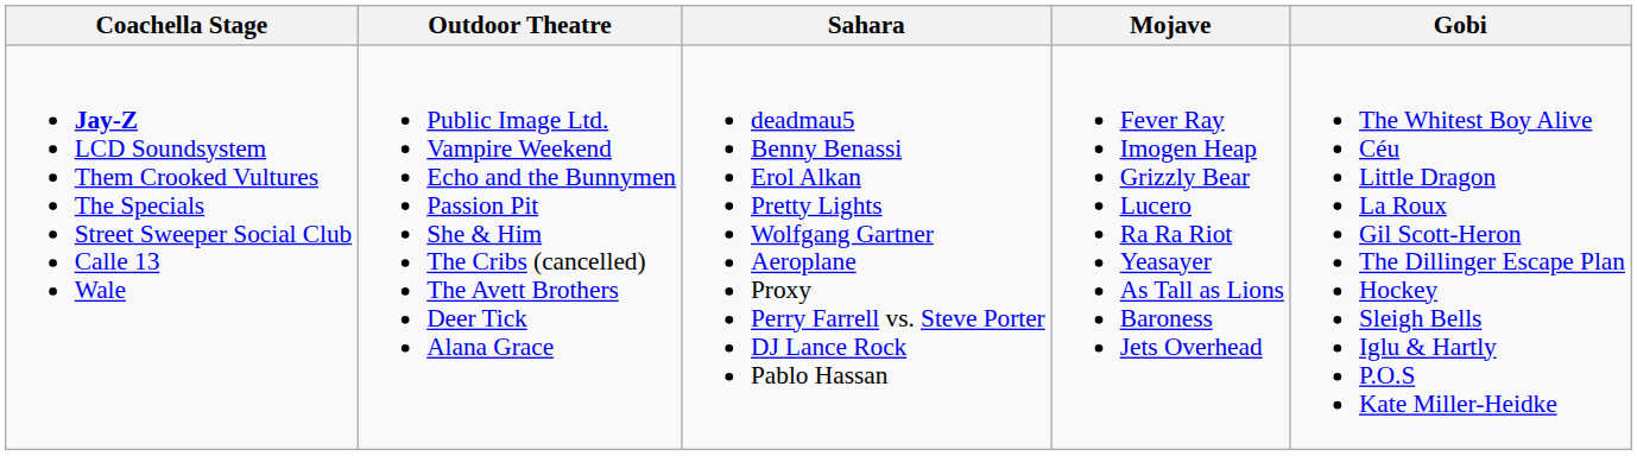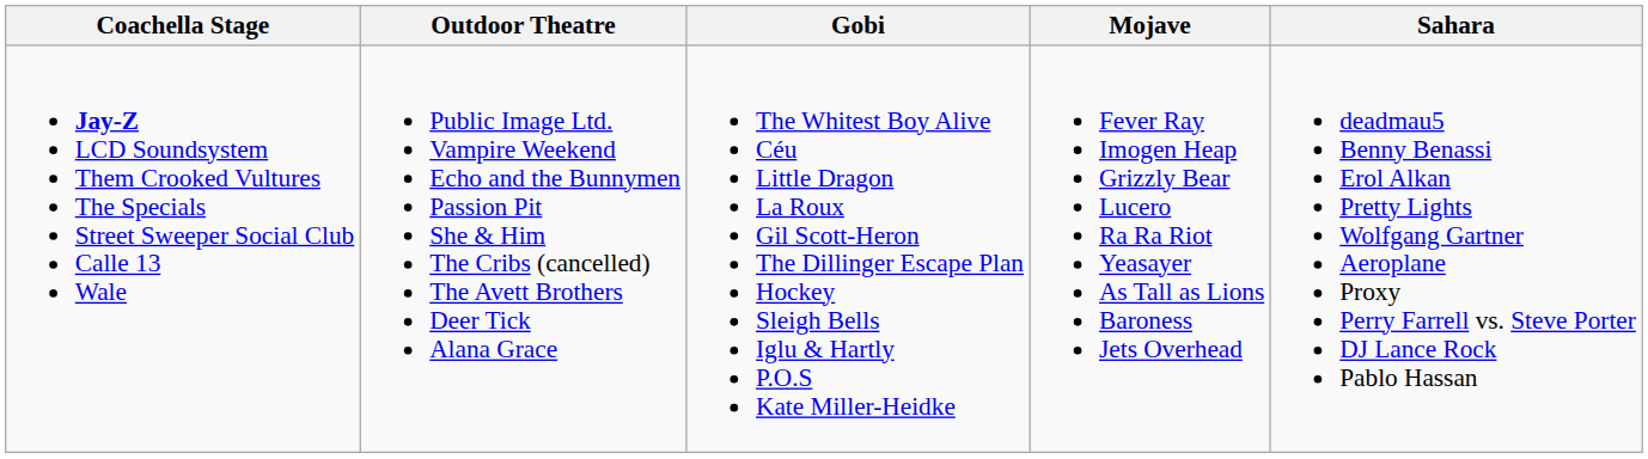 <table class="wikitable">
 <tr>
 <th>Coachella Stage</th>
 <th>Outdoor Theatre</th>
+<th>Gobi</th>
+<th>Mojave</th>
 <th>Sahara</th>
-<th>Mojave</th>
-<th>Gobi</th>
 </tr>
 <tr valign="top">
 <td><br><ul><li><strong><a href='#'>Jay-Z</a></strong></li><li><a href='#'>LCD Soundsystem</a></li><li><a href='#'>Them Crooked Vultures</a></li><li><a href='#'>The Specials</a></li><li><a href='#'>Street Sweeper Social Club</a></li><li><a href='#'>Calle 13</a></li><li><a href='#'>Wale</a></li></ul></td>
 <td><br><ul><li><a href='#'>Public Image Ltd.</a></li><li><a href='#'>Vampire Weekend</a></li><li><a href='#'>Echo and the Bunnymen</a></li><li><a href='#'>Passion Pit</a></li><li><a href='#'>She & Him</a></li><li><a href='#'>The Cribs</a> (cancelled)</li><li><a href='#'>The Avett Brothers</a></li><li><a href='#'>Deer Tick</a></li><li><a href='#'>Alana Grace</a></li></ul></td>
+<td><br><ul><li><a href='#'>The Whitest Boy Alive</a></li><li><a href='#'>Céu</a></li><li><a href='#'>Little Dragon</a></li><li><a href='#'>La Roux</a></li><li><a href='#'>Gil Scott-Heron</a></li><li><a href='#'>The Dillinger Escape Plan</a></li><li><a href='#'>Hockey</a></li><li><a href='#'>Sleigh Bells</a></li><li><a href='#'>Iglu & Hartly</a></li><li><a href='#'>P.O.S</a></li><li><a href='#'>Kate Miller-Heidke</a></li></ul></td>
+<td><br><ul><li><a href='#'>Fever Ray</a></li><li><a href='#'>Imogen Heap</a></li><li><a href='#'>Grizzly Bear</a></li><li><a href='#'>Lucero</a></li><li><a href='#'>Ra Ra Riot</a></li><li><a href='#'>Yeasayer</a></li><li><a href='#'>As Tall as Lions</a></li><li><a href='#'>Baroness</a></li><li><a href='#'>Jets Overhead</a></li></ul></td>
 <td><br><ul><li><a href='#'>deadmau5</a></li><li><a href='#'>Benny Benassi</a></li><li><a href='#'>Erol Alkan</a></li><li><a href='#'>Pretty Lights</a></li><li><a href='#'>Wolfgang Gartner</a></li><li><a href='#'>Aeroplane</a></li><li>Proxy</li><li><a href='#'>Perry Farrell</a> vs. <a href='#'>Steve Porter</a></li><li><a href='#'>DJ Lance Rock</a></li><li>Pablo Hassan</li></ul></td>
-<td><br><ul><li><a href='#'>Fever Ray</a></li><li><a href='#'>Imogen Heap</a></li><li><a href='#'>Grizzly Bear</a></li><li><a href='#'>Lucero</a></li><li><a href='#'>Ra Ra Riot</a></li><li><a href='#'>Yeasayer</a></li><li><a href='#'>As Tall as Lions</a></li><li><a href='#'>Baroness</a></li><li><a href='#'>Jets Overhead</a></li></ul></td>
-<td><br><ul><li><a href='#'>The Whitest Boy Alive</a></li><li><a href='#'>Céu</a></li><li><a href='#'>Little Dragon</a></li><li><a href='#'>La Roux</a></li><li><a href='#'>Gil Scott-Heron</a></li><li><a href='#'>The Dillinger Escape Plan</a></li><li><a href='#'>Hockey</a></li><li><a href='#'>Sleigh Bells</a></li><li><a href='#'>Iglu & Hartly</a></li><li><a href='#'>P.O.S</a></li><li><a href='#'>Kate Miller-Heidke</a></li></ul></td>
 </tr>
 </table>
